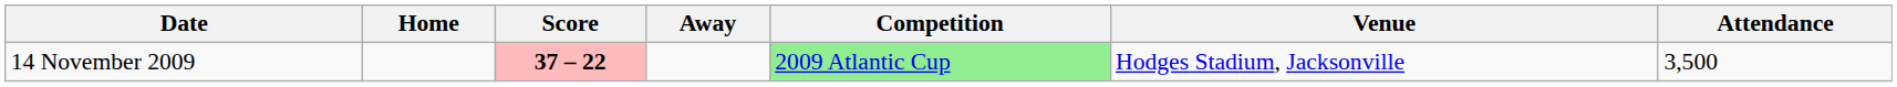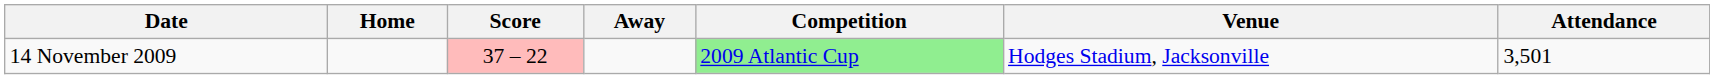 <table class="wikitable" width="100%">
 <tr>
 <th>Date</th>
 <th>Home</th>
 <th>Score</th>
 <th>Away</th>
 <th>Competition</th>
 <th>Venue</th>
 <th>Attendance</th>
 </tr>
 <tr>
 <td>14 November 2009</td>
 <td></td>
-<td style="text-align: center; background: #FFBBBB;"><strong>37 – 22</strong></td>
+<td style="text-align: center; background: #FFBBBB;">37 – 22</td>
 <td></td>
 <td style="background: lightgreen;"><a href='#'>2009 Atlantic Cup</a></td>
 <td> <a href='#'>Hodges Stadium</a>, <a href='#'>Jacksonville</a></td>
-<td>3,500</td>
+<td>3,501</td>
 </tr>
 </table>
